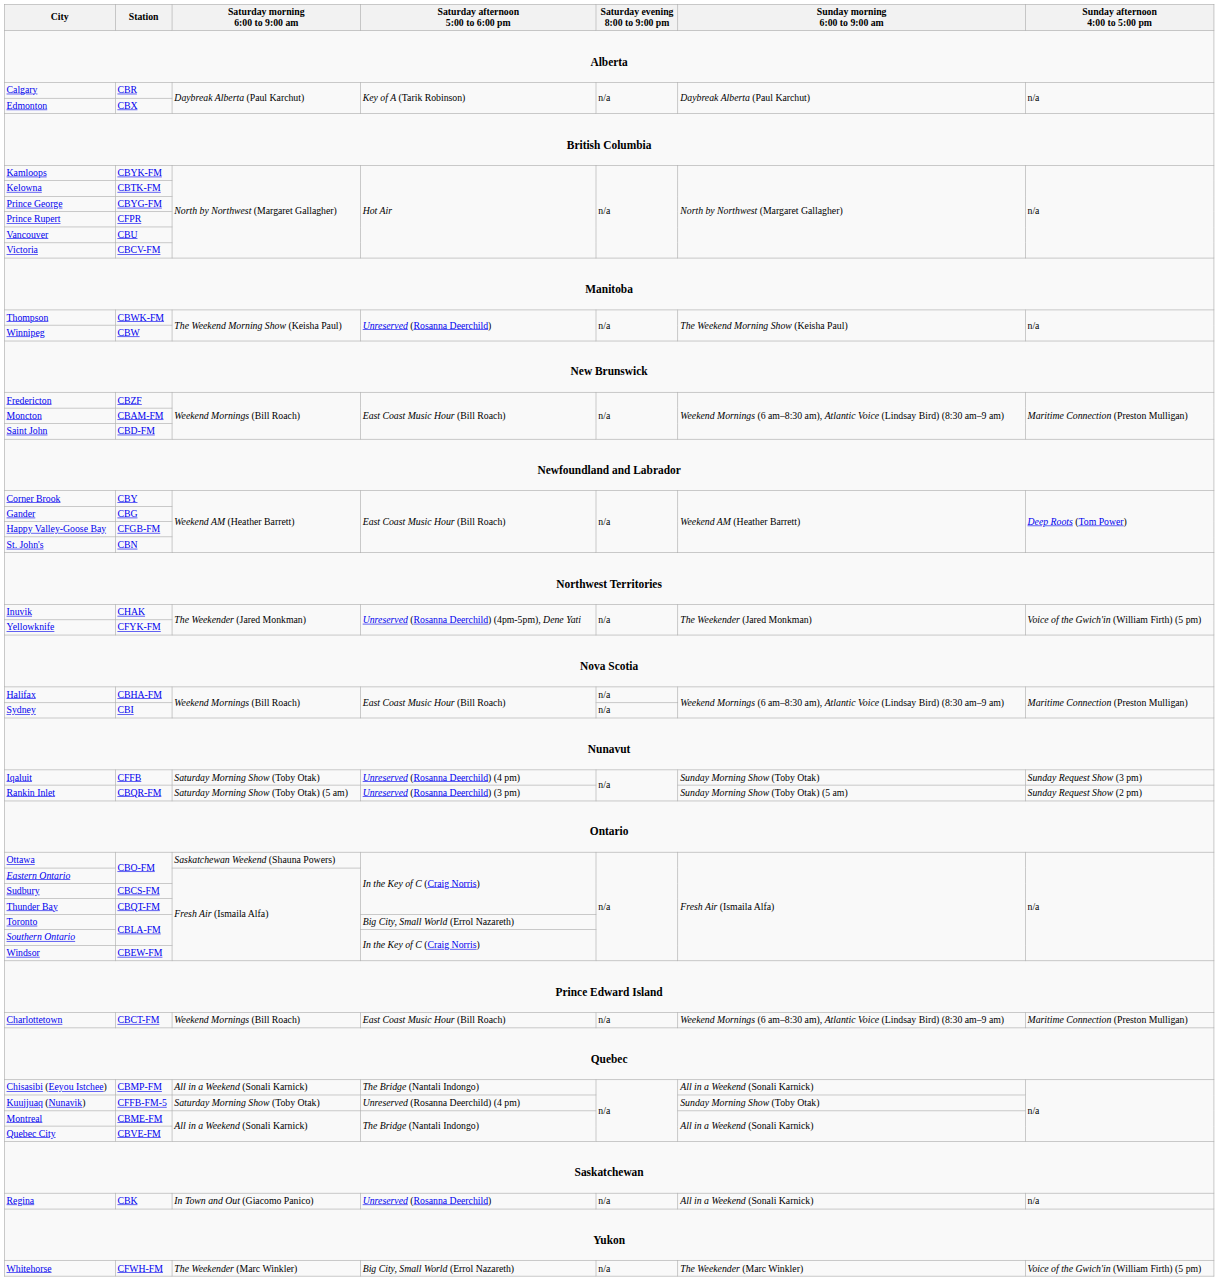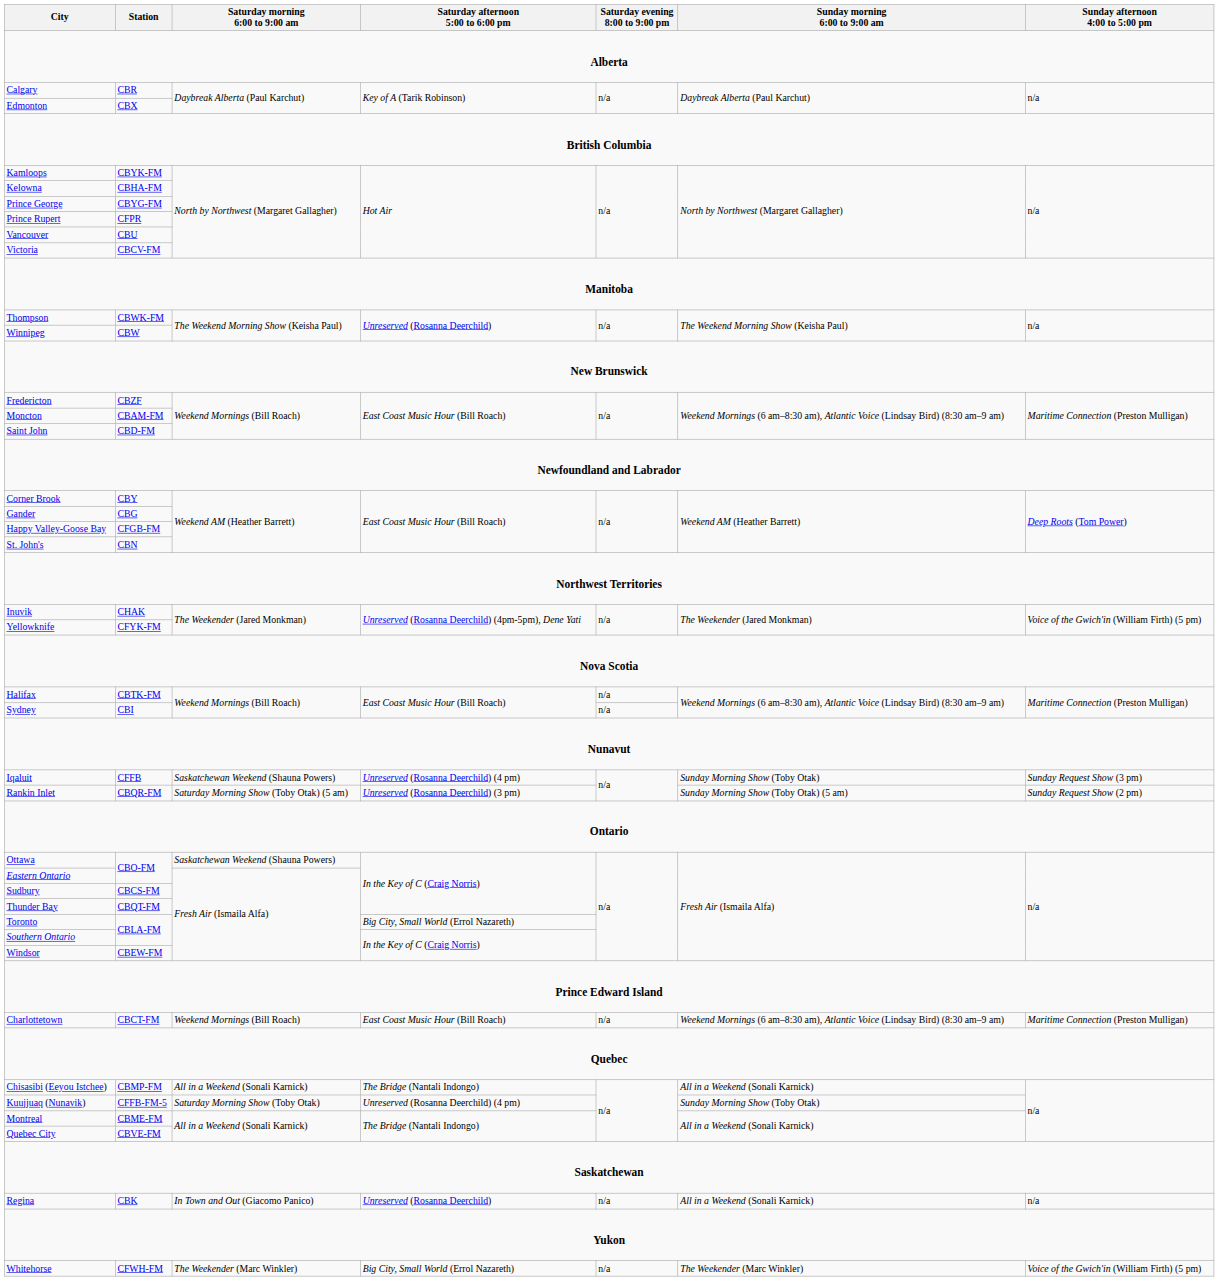 <table class="wikitable" width="100%">
 <tr>
 <th>City</th>
 <th>Station</th>
 <th>Saturday morning<br>6:00 to 9:00 am</th>
 <th>Saturday afternoon<br>5:00 to 6:00 pm</th>
 <th>Saturday evening<br>8:00 to 9:00 pm</th>
 <th>Sunday morning<br>6:00 to 9:00 am</th>
 <th>Sunday afternoon<br>4:00 to 5:00 pm</th>
 </tr>
 <tr>
 <td colspan="7" align="center"><br><h3>Alberta</h3></td>
 </tr>
 <tr>
 <td><a href='#'>Calgary</a></td>
 <td><a href='#'>CBR</a></td>
 <td rowspan="2"><em>Daybreak Alberta</em> (Paul Karchut)</td>
 <td rowspan="2"><em>Key of A</em> (Tarik Robinson)</td>
 <td rowspan="2">n/a</td>
 <td rowspan="2"><em>Daybreak Alberta</em> (Paul Karchut)</td>
 <td rowspan="2">n/a</td>
 </tr>
 <tr>
 <td><a href='#'>Edmonton</a></td>
 <td><a href='#'>CBX</a></td>
 </tr>
 <tr>
 <td colspan="7" align="center"><br><h3>British Columbia</h3></td>
 </tr>
 <tr>
 <td><a href='#'>Kamloops</a></td>
 <td><a href='#'>CBYK-FM</a></td>
 <td rowspan="6"><em>North by Northwest</em> (Margaret Gallagher)</td>
 <td rowspan="6"><em>Hot Air</em></td>
 <td rowspan="6">n/a</td>
 <td rowspan="6"><em>North by Northwest</em> (Margaret Gallagher)</td>
 <td rowspan="6">n/a</td>
 </tr>
 <tr>
 <td><a href='#'>Kelowna</a></td>
-<td><a href='#'>CBTK-FM</a></td>
+<td><a href='#'>CBHA-FM</a></td>
 </tr>
 <tr>
 <td><a href='#'>Prince George</a></td>
 <td><a href='#'>CBYG-FM</a></td>
 </tr>
 <tr>
 <td><a href='#'>Prince Rupert</a></td>
 <td><a href='#'>CFPR</a></td>
 </tr>
 <tr>
 <td><a href='#'>Vancouver</a></td>
 <td><a href='#'>CBU</a></td>
 </tr>
 <tr>
 <td><a href='#'>Victoria</a></td>
 <td><a href='#'>CBCV-FM</a></td>
 </tr>
 <tr>
 <td colspan="7" align="center"><br><h3>Manitoba</h3></td>
 </tr>
 <tr>
 <td><a href='#'>Thompson</a></td>
 <td><a href='#'>CBWK-FM</a></td>
 <td rowspan="2"><em>The Weekend Morning Show</em> (Keisha Paul)</td>
 <td rowspan="2"><em><a href='#'>Unreserved</a></em> (<a href='#'>Rosanna Deerchild</a>)</td>
 <td rowspan="2">n/a</td>
 <td rowspan="2"><em>The Weekend Morning Show</em> (Keisha Paul)</td>
 <td rowspan="2">n/a</td>
 </tr>
 <tr>
 <td><a href='#'>Winnipeg</a></td>
 <td><a href='#'>CBW</a></td>
 </tr>
 <tr>
 <td colspan="7" align="center"><br><h3>New Brunswick</h3></td>
 </tr>
 <tr>
 <td><a href='#'>Fredericton</a></td>
 <td><a href='#'>CBZF</a></td>
 <td rowspan="3"><em>Weekend Mornings</em> (Bill Roach)</td>
 <td rowspan="3"><em>East Coast Music Hour</em> (Bill Roach)</td>
 <td rowspan="3">n/a</td>
 <td rowspan="3"><em>Weekend Mornings</em> (6 am–8:30 am), <em>Atlantic Voice</em> (Lindsay Bird) (8:30 am–9 am)</td>
 <td rowspan="3"><em>Maritime Connection</em> (Preston Mulligan)</td>
 </tr>
 <tr>
 <td><a href='#'>Moncton</a></td>
 <td><a href='#'>CBAM-FM</a></td>
 </tr>
 <tr>
 <td><a href='#'>Saint John</a></td>
 <td><a href='#'>CBD-FM</a></td>
 </tr>
 <tr>
 <td colspan="7" align="center"><br><h3>Newfoundland and Labrador</h3></td>
 </tr>
 <tr>
 <td><a href='#'>Corner Brook</a></td>
 <td><a href='#'>CBY</a></td>
 <td rowspan="4"><em>Weekend AM</em> (Heather Barrett)</td>
 <td rowspan="4"><em>East Coast Music Hour</em> (Bill Roach)</td>
 <td rowspan="4">n/a</td>
 <td rowspan="4"><em>Weekend AM</em> (Heather Barrett)</td>
 <td rowspan="4"><em><a href='#'>Deep Roots</a></em> (<a href='#'>Tom Power</a>)</td>
 </tr>
 <tr>
 <td><a href='#'>Gander</a></td>
 <td><a href='#'>CBG</a></td>
 </tr>
 <tr>
 <td><a href='#'>Happy Valley-Goose Bay</a></td>
 <td><a href='#'>CFGB-FM</a></td>
 </tr>
 <tr>
 <td><a href='#'>St. John's</a></td>
 <td><a href='#'>CBN</a></td>
 </tr>
 <tr>
 <td colspan="7" align="center"><br><h3>Northwest Territories</h3></td>
 </tr>
 <tr>
 <td><a href='#'>Inuvik</a></td>
 <td><a href='#'>CHAK</a></td>
 <td rowspan="2"><em>The Weekender</em> (Jared Monkman)</td>
 <td rowspan="2"><em><a href='#'>Unreserved</a></em> (<a href='#'>Rosanna Deerchild</a>) (4pm-5pm), <em>Dene Yati</em></td>
 <td rowspan="2">n/a</td>
 <td rowspan="2"><em>The Weekender</em> (Jared Monkman)</td>
 <td rowspan="2"><em>Voice of the Gwich'in</em> (William Firth) (5 pm)</td>
 </tr>
 <tr>
 <td><a href='#'>Yellowknife</a></td>
 <td><a href='#'>CFYK-FM</a></td>
 </tr>
 <tr>
 <td colspan="7" align="center"><br><h3>Nova Scotia</h3></td>
 </tr>
 <tr>
 <td><a href='#'>Halifax</a></td>
-<td><a href='#'>CBHA-FM</a></td>
+<td><a href='#'>CBTK-FM</a></td>
 <td rowspan="2"><em>Weekend Mornings</em> (Bill Roach)</td>
 <td rowspan="2"><em>East Coast Music Hour</em> (Bill Roach)</td>
 <td>n/a</td>
 <td rowspan="2"><em>Weekend Mornings</em> (6 am–8:30 am), <em>Atlantic Voice</em> (Lindsay Bird) (8:30 am–9 am)</td>
 <td rowspan="2"><em>Maritime Connection</em> (Preston Mulligan)</td>
 </tr>
 <tr>
 <td><a href='#'>Sydney</a></td>
 <td><a href='#'>CBI</a></td>
 <td>n/a</td>
 </tr>
 <tr>
 <td colspan="7" align="center"><br><h3>Nunavut</h3></td>
 </tr>
 <tr>
 <td><a href='#'>Iqaluit</a></td>
 <td><a href='#'>CFFB</a></td>
-<td><em>Saturday Morning Show</em> (Toby Otak)</td>
+<td><em>Saskatchewan Weekend</em> (Shauna Powers)</td>
 <td><em><a href='#'>Unreserved</a></em> (<a href='#'>Rosanna Deerchild</a>) (4 pm)</td>
 <td rowspan="2">n/a</td>
 <td><em>Sunday Morning Show</em> (Toby Otak)</td>
 <td><em>Sunday Request Show</em> (3 pm)</td>
 </tr>
 <tr>
 <td><a href='#'>Rankin Inlet</a></td>
 <td><a href='#'>CBQR-FM</a></td>
 <td><em>Saturday Morning Show</em> (Toby Otak) (5 am)</td>
 <td><em><a href='#'>Unreserved</a></em> (<a href='#'>Rosanna Deerchild</a>) (3 pm)</td>
 <td><em>Sunday Morning Show</em> (Toby Otak) (5 am)</td>
 <td><em>Sunday Request Show</em> (2 pm)</td>
 </tr>
 <tr>
 <td colspan="7" align="center"><br><h3>Ontario</h3></td>
 </tr>
 <tr>
 <td><a href='#'>Ottawa</a></td>
 <td rowspan="2"><a href='#'>CBO-FM</a></td>
 <td><em>Saskatchewan Weekend</em> (Shauna Powers)</td>
 <td rowspan="4"><em>In the Key of C</em> (<a href='#'>Craig Norris</a>)</td>
 <td rowspan="7">n/a</td>
 <td rowspan="7"><em>Fresh Air</em> (Ismaila Alfa)</td>
 <td rowspan="7">n/a</td>
 </tr>
 <tr>
 <td><em><a href='#'>Eastern Ontario</a></em></td>
 <td rowspan="6"><em>Fresh Air</em> (Ismaila Alfa)</td>
 </tr>
 <tr>
 <td><a href='#'>Sudbury</a></td>
 <td><a href='#'>CBCS-FM</a></td>
 </tr>
 <tr>
 <td><a href='#'>Thunder Bay</a></td>
 <td><a href='#'>CBQT-FM</a></td>
 </tr>
 <tr>
 <td><a href='#'>Toronto</a></td>
 <td rowspan="2"><a href='#'>CBLA-FM</a></td>
 <td><em>Big City, Small World</em> (Errol Nazareth)</td>
 </tr>
 <tr>
 <td><em><a href='#'>Southern Ontario</a></em></td>
 <td rowspan="2"><em>In the Key of C</em> (<a href='#'>Craig Norris</a>)</td>
 </tr>
 <tr>
 <td><a href='#'>Windsor</a></td>
 <td><a href='#'>CBEW-FM</a></td>
 </tr>
 <tr>
 <td colspan="7" align="center"><br><h3>Prince Edward Island</h3></td>
 </tr>
 <tr>
 <td><a href='#'>Charlottetown</a></td>
 <td><a href='#'>CBCT-FM</a></td>
 <td><em>Weekend Mornings</em> (Bill Roach)</td>
 <td><em>East Coast Music Hour</em> (Bill Roach)</td>
 <td>n/a</td>
 <td><em>Weekend Mornings</em> (6 am–8:30 am), <em>Atlantic Voice</em> (Lindsay Bird) (8:30 am–9 am)</td>
 <td><em>Maritime Connection</em> (Preston Mulligan)</td>
 </tr>
 <tr>
 <td colspan="7" align="center"><br><h3>Quebec</h3></td>
 </tr>
 <tr>
 <td><a href='#'>Chisasibi</a> (<a href='#'>Eeyou Istchee</a>)</td>
 <td><a href='#'>CBMP-FM</a></td>
 <td><em>All in a Weekend</em> (Sonali Karnick)</td>
 <td><em>The Bridge</em> (Nantali Indongo)</td>
 <td rowspan="4">n/a</td>
 <td><em>All in a Weekend</em> (Sonali Karnick)</td>
 <td rowspan="4">n/a</td>
 </tr>
 <tr>
 <td><a href='#'>Kuujjuaq</a> (<a href='#'>Nunavik</a>)</td>
 <td><a href='#'>CFFB-FM-5</a></td>
 <td><em>Saturday Morning Show</em> (Toby Otak)</td>
 <td><em>Unreserved</em> (Rosanna Deerchild) (4 pm)</td>
 <td><em>Sunday Morning Show</em> (Toby Otak)</td>
 </tr>
 <tr>
 <td><a href='#'>Montreal</a></td>
 <td><a href='#'>CBME-FM</a></td>
 <td rowspan="2"><em>All in a Weekend</em> (Sonali Karnick)</td>
 <td rowspan="2"><em>The Bridge</em> (Nantali Indongo)</td>
 <td rowspan="2"><em>All in a Weekend</em> (Sonali Karnick)</td>
 </tr>
 <tr>
 <td><a href='#'>Quebec City</a></td>
 <td><a href='#'>CBVE-FM</a></td>
 </tr>
 <tr>
 <td colspan="7" align="center"><br><h3>Saskatchewan</h3></td>
 </tr>
 <tr>
 <td><a href='#'>Regina</a></td>
 <td><a href='#'>CBK</a></td>
 <td><em>In Town and Out</em> (Giacomo Panico)</td>
 <td><em><a href='#'>Unreserved</a></em> (<a href='#'>Rosanna Deerchild</a>)</td>
 <td>n/a</td>
 <td><em>All in a Weekend</em> (Sonali Karnick)</td>
 <td>n/a</td>
 </tr>
 <tr>
 <td colspan="7" align="center"><br><h3>Yukon</h3></td>
 </tr>
 <tr>
 <td><a href='#'>Whitehorse</a></td>
 <td><a href='#'>CFWH-FM</a></td>
 <td><em>The Weekender</em> (Marc Winkler)</td>
 <td><em>Big City, Small World</em> (Errol Nazareth)</td>
 <td>n/a</td>
 <td><em>The Weekender</em> (Marc Winkler)</td>
 <td><em>Voice of the Gwich'in</em> (William Firth) (5 pm)</td>
 </tr>
 </table>
